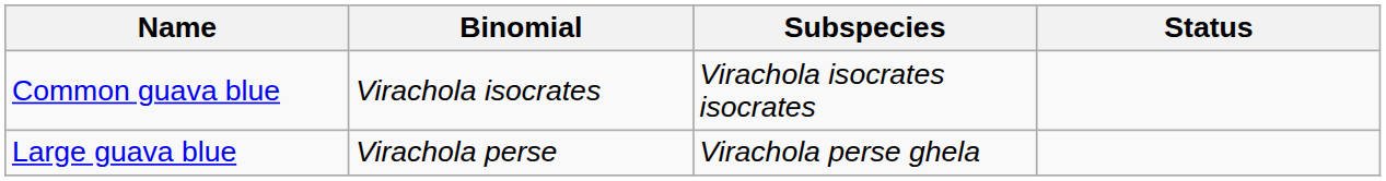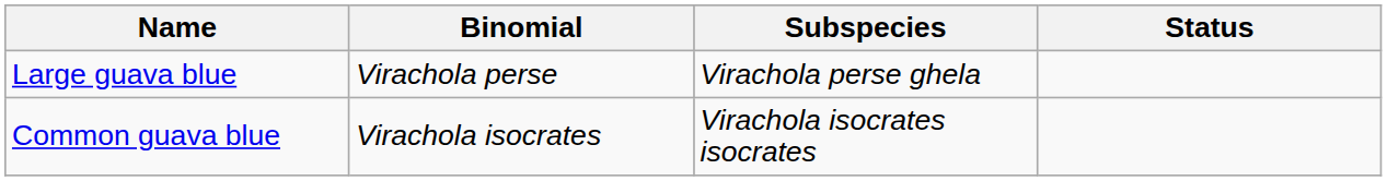 <table width=60% class="wikitable">
 <tr>
 <th width=20%>Name</th>
 <th width=20%>Binomial</th>
 <th width=20%>Subspecies</th>
 <th width=20%>Status</th>
 </tr>
 <tr>
+<td><a href='#'>Large guava blue</a><br> </td>
+<td><em>Virachola perse</em></td>
+<td><em>Virachola perse ghela</em></td>
+<td></td>
+</tr>
+<tr>
 <td><a href='#'>Common guava blue</a><br></td>
 <td><em>Virachola isocrates</em></td>
 <td><em>Virachola isocrates isocrates</em></td>
 <td></td>
 </tr>
-<tr>
-<td><a href='#'>Large guava blue</a><br> </td>
-<td><em>Virachola perse</em></td>
-<td><em>Virachola perse ghela</em></td>
-<td></td>
-</tr>
 </table>
